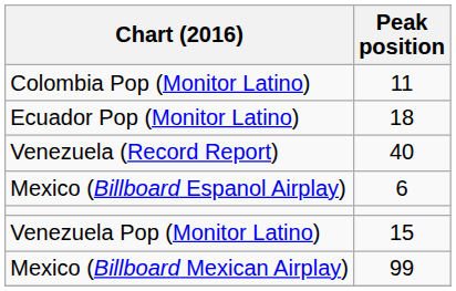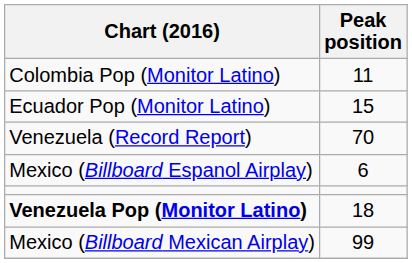 <table class="wikitable sortable">
 <tr>
 <th>Chart (2016)</th>
 <th>Peak<br>position</th>
 </tr>
 <tr>
 <td align="left">Colombia Pop (<a href='#'>Monitor Latino</a>)</td>
 <td style="text-align:center;">11</td>
 </tr>
 <tr>
 <td align="left">Ecuador Pop (<a href='#'>Monitor Latino</a>)</td>
-<td style="text-align:center;">18</td>
+<td style="text-align:center;">15</td>
 </tr>
 <tr>
 <td>Venezuela (<a href='#'>Record Report</a>)</td>
-<td style="text-align:center;">40</td>
+<td style="text-align:center;">70</td>
 </tr>
 <tr>
 <td align="left">Mexico (<a href='#'><em>Billboard</em> Espanol Airplay</a>)</td>
 <td style="text-align:center;">6</td>
 </tr>
 <tr>
 <td></td>
 </tr>
 <tr>
-<td align="left">Venezuela Pop (<a href='#'>Monitor Latino</a>)</td>
-<td style="text-align:center;">15</td>
+<td align="left"><strong>Venezuela Pop (<a href='#'>Monitor Latino</a>)</strong></td>
+<td style="text-align:center;">18</td>
 </tr>
 <tr>
 <td align="left">Mexico (<a href='#'><em>Billboard</em> Mexican Airplay</a>)</td>
 <td align="center">99</td>
 </tr>
 <tr>
 </tr>
 </table>
